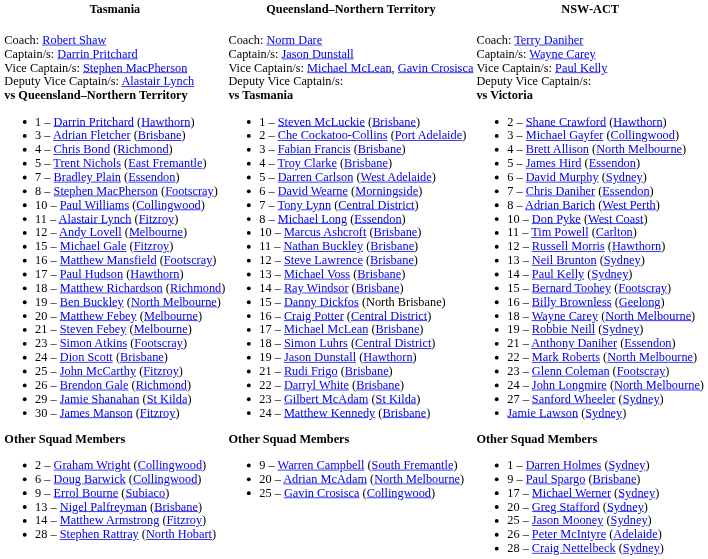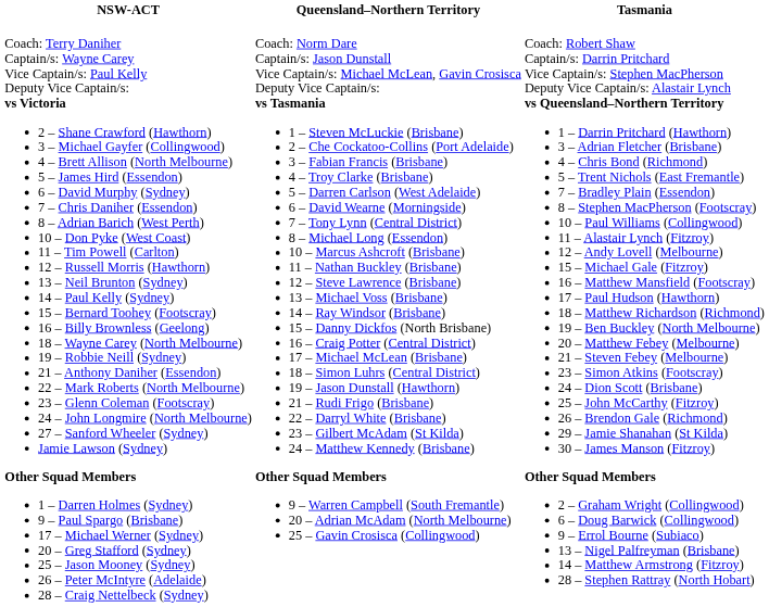 <table>
 <tr>
+<th>NSW-ACT   </th>
+<th>Queensland–Northern Territory   </th>
 <th>Tasmania   </th>
-<th>Queensland–Northern Territory   </th>
-<th>NSW-ACT   </th>
 </tr>
 <tr valign="top">
+<td><br>Coach: <a href='#'>Terry Daniher</a><br> Captain/s: <a href='#'>Wayne Carey</a><br> Vice Captain/s: <a href='#'>Paul Kelly</a><br> Deputy Vice Captain/s: <br> <strong>vs Victoria</strong><ul><li>2 – <a href='#'>Shane Crawford</a> (<a href='#'>Hawthorn</a>)</li><li>3 – <a href='#'>Michael Gayfer</a> (<a href='#'>Collingwood</a>)</li><li>4 – <a href='#'>Brett Allison</a> (<a href='#'>North Melbourne</a>)</li><li>5 – <a href='#'>James Hird</a> (<a href='#'>Essendon</a>)</li><li>6 – <a href='#'>David Murphy</a> (<a href='#'>Sydney</a>)</li><li>7 – <a href='#'>Chris Daniher</a> (<a href='#'>Essendon</a>)</li><li>8 – <a href='#'>Adrian Barich</a> (<a href='#'>West Perth</a>)</li><li>10 – <a href='#'>Don Pyke</a> (<a href='#'>West Coast</a>)</li><li>11 – <a href='#'>Tim Powell</a> (<a href='#'>Carlton</a>)</li><li>12 – <a href='#'>Russell Morris</a> (<a href='#'>Hawthorn</a>)</li><li>13 – <a href='#'>Neil Brunton</a> (<a href='#'>Sydney</a>)</li><li>14 – <a href='#'>Paul Kelly</a> (<a href='#'>Sydney</a>)</li><li>15 – <a href='#'>Bernard Toohey</a> (<a href='#'>Footscray</a>)</li><li>16 – <a href='#'>Billy Brownless</a> (<a href='#'>Geelong</a>)</li><li>18 – <a href='#'>Wayne Carey</a> (<a href='#'>North Melbourne</a>)</li><li>19 – <a href='#'>Robbie Neill</a> (<a href='#'>Sydney</a>)</li><li>21 – <a href='#'>Anthony Daniher</a> (<a href='#'>Essendon</a>)</li><li>22 – <a href='#'>Mark Roberts</a> (<a href='#'>North Melbourne</a>)</li><li>23 – <a href='#'>Glenn Coleman</a> (<a href='#'>Footscray</a>)</li><li>24 – <a href='#'>John Longmire</a> (<a href='#'>North Melbourne</a>)</li><li>27 – <a href='#'>Sanford Wheeler</a> (<a href='#'>Sydney</a>)</li><li><a href='#'>Jamie Lawson</a> (<a href='#'>Sydney</a>)</li></ul><strong>Other Squad Members</strong><ul><li>1 – <a href='#'>Darren Holmes</a> (<a href='#'>Sydney</a>)</li><li>9 – <a href='#'>Paul Spargo</a> (<a href='#'>Brisbane</a>)</li><li>17 – <a href='#'>Michael Werner</a> (<a href='#'>Sydney</a>)</li><li>20 – <a href='#'>Greg Stafford</a> (<a href='#'>Sydney</a>)</li><li>25 – <a href='#'>Jason Mooney</a> (<a href='#'>Sydney</a>)</li><li>26 – <a href='#'>Peter McIntyre</a> (<a href='#'>Adelaide</a>)</li><li>28 – <a href='#'>Craig Nettelbeck</a> (<a href='#'>Sydney</a>)</li></ul></td>
+<td><br>Coach: <a href='#'>Norm Dare</a><br> Captain/s: <a href='#'>Jason Dunstall</a><br> Vice Captain/s: <a href='#'>Michael McLean</a>, <a href='#'>Gavin Crosisca</a><br> Deputy Vice Captain/s: <br> <strong>vs Tasmania</strong><ul><li>1 – <a href='#'>Steven McLuckie</a> (<a href='#'>Brisbane</a>)</li><li>2 – <a href='#'>Che Cockatoo-Collins</a> (<a href='#'>Port Adelaide</a>)</li><li>3 – <a href='#'>Fabian Francis</a> (<a href='#'>Brisbane</a>)</li><li>4 – <a href='#'>Troy Clarke</a> (<a href='#'>Brisbane</a>)</li><li>5 – <a href='#'>Darren Carlson</a> (<a href='#'>West Adelaide</a>)</li><li>6 – <a href='#'>David Wearne</a> (<a href='#'>Morningside</a>)</li><li>7 – <a href='#'>Tony Lynn</a> (<a href='#'>Central District</a>)</li><li>8 – <a href='#'>Michael Long</a> (<a href='#'>Essendon</a>)</li><li>10 – <a href='#'>Marcus Ashcroft</a> (<a href='#'>Brisbane</a>)</li><li>11 – <a href='#'>Nathan Buckley</a> (<a href='#'>Brisbane</a>)</li><li>12 – <a href='#'>Steve Lawrence</a> (<a href='#'>Brisbane</a>)</li><li>13 – <a href='#'>Michael Voss</a> (<a href='#'>Brisbane</a>)</li><li>14 – <a href='#'>Ray Windsor</a> (<a href='#'>Brisbane</a>)</li><li>15 – <a href='#'>Danny Dickfos</a> (North Brisbane)</li><li>16 – <a href='#'>Craig Potter</a> (<a href='#'>Central District</a>)</li><li>17 – <a href='#'>Michael McLean</a> (<a href='#'>Brisbane</a>)</li><li>18 – <a href='#'>Simon Luhrs</a> (<a href='#'>Central District</a>)</li><li>19 – <a href='#'>Jason Dunstall</a> (<a href='#'>Hawthorn</a>)</li><li>21 – <a href='#'>Rudi Frigo</a> (<a href='#'>Brisbane</a>)</li><li>22 – <a href='#'>Darryl White</a> (<a href='#'>Brisbane</a>)</li><li>23 – <a href='#'>Gilbert McAdam</a> (<a href='#'>St Kilda</a>)</li><li>24 – <a href='#'>Matthew Kennedy</a> (<a href='#'>Brisbane</a>)</li></ul><strong>Other Squad Members</strong><ul><li>9 – <a href='#'>Warren Campbell</a> (<a href='#'>South Fremantle</a>)</li><li>20 – <a href='#'>Adrian McAdam</a> (<a href='#'>North Melbourne</a>)</li><li>25 – <a href='#'>Gavin Crosisca</a> (<a href='#'>Collingwood</a>)</li></ul></td>
 <td><br>Coach: <a href='#'>Robert Shaw</a><br> Captain/s: <a href='#'>Darrin Pritchard</a><br> Vice Captain/s: <a href='#'>Stephen MacPherson</a><br> Deputy Vice Captain/s: <a href='#'>Alastair Lynch</a><br> <strong>vs Queensland–Northern Territory</strong><ul><li>1 – <a href='#'>Darrin Pritchard</a> (<a href='#'>Hawthorn</a>)</li><li>3 – <a href='#'>Adrian Fletcher</a> (<a href='#'>Brisbane</a>)</li><li>4 – <a href='#'>Chris Bond</a> (<a href='#'>Richmond</a>)</li><li>5 – <a href='#'>Trent Nichols</a> (<a href='#'>East Fremantle</a>)</li><li>7 – <a href='#'>Bradley Plain</a> (<a href='#'>Essendon</a>)</li><li>8 – <a href='#'>Stephen MacPherson</a> (<a href='#'>Footscray</a>)</li><li>10 – <a href='#'>Paul Williams</a> (<a href='#'>Collingwood</a>)</li><li>11 – <a href='#'>Alastair Lynch</a> (<a href='#'>Fitzroy</a>)</li><li>12 – <a href='#'>Andy Lovell</a> (<a href='#'>Melbourne</a>)</li><li>15 – <a href='#'>Michael Gale</a> (<a href='#'>Fitzroy</a>)</li><li>16 – <a href='#'>Matthew Mansfield</a> (<a href='#'>Footscray</a>)</li><li>17 – <a href='#'>Paul Hudson</a> (<a href='#'>Hawthorn</a>)</li><li>18 – <a href='#'>Matthew Richardson</a> (<a href='#'>Richmond</a>)</li><li>19 – <a href='#'>Ben Buckley</a> (<a href='#'>North Melbourne</a>)</li><li>20 – <a href='#'>Matthew Febey</a> (<a href='#'>Melbourne</a>)</li><li>21 – <a href='#'>Steven Febey</a> (<a href='#'>Melbourne</a>)</li><li>23 – <a href='#'>Simon Atkins</a> (<a href='#'>Footscray</a>)</li><li>24 – <a href='#'>Dion Scott</a> (<a href='#'>Brisbane</a>)</li><li>25 – <a href='#'>John McCarthy</a> (<a href='#'>Fitzroy</a>)</li><li>26 – <a href='#'>Brendon Gale</a> (<a href='#'>Richmond</a>)</li><li>29 – <a href='#'>Jamie Shanahan</a> (<a href='#'>St Kilda</a>)</li><li>30 – <a href='#'>James Manson</a> (<a href='#'>Fitzroy</a>)</li></ul><strong>Other Squad Members</strong><ul><li>2 – <a href='#'>Graham Wright</a> (<a href='#'>Collingwood</a>)</li><li>6 – <a href='#'>Doug Barwick</a> (<a href='#'>Collingwood</a>)</li><li>9 – <a href='#'>Errol Bourne</a> (<a href='#'>Subiaco</a>)</li><li>13 – <a href='#'>Nigel Palfreyman</a> (<a href='#'>Brisbane</a>)</li><li>14 – <a href='#'>Matthew Armstrong</a> (<a href='#'>Fitzroy</a>)</li><li>28 – <a href='#'>Stephen Rattray</a> (<a href='#'>North Hobart</a>)</li></ul></td>
-<td><br>Coach: <a href='#'>Norm Dare</a><br> Captain/s: <a href='#'>Jason Dunstall</a><br> Vice Captain/s: <a href='#'>Michael McLean</a>, <a href='#'>Gavin Crosisca</a><br> Deputy Vice Captain/s: <br> <strong>vs Tasmania</strong><ul><li>1 – <a href='#'>Steven McLuckie</a> (<a href='#'>Brisbane</a>)</li><li>2 – <a href='#'>Che Cockatoo-Collins</a> (<a href='#'>Port Adelaide</a>)</li><li>3 – <a href='#'>Fabian Francis</a> (<a href='#'>Brisbane</a>)</li><li>4 – <a href='#'>Troy Clarke</a> (<a href='#'>Brisbane</a>)</li><li>5 – <a href='#'>Darren Carlson</a> (<a href='#'>West Adelaide</a>)</li><li>6 – <a href='#'>David Wearne</a> (<a href='#'>Morningside</a>)</li><li>7 – <a href='#'>Tony Lynn</a> (<a href='#'>Central District</a>)</li><li>8 – <a href='#'>Michael Long</a> (<a href='#'>Essendon</a>)</li><li>10 – <a href='#'>Marcus Ashcroft</a> (<a href='#'>Brisbane</a>)</li><li>11 – <a href='#'>Nathan Buckley</a> (<a href='#'>Brisbane</a>)</li><li>12 – <a href='#'>Steve Lawrence</a> (<a href='#'>Brisbane</a>)</li><li>13 – <a href='#'>Michael Voss</a> (<a href='#'>Brisbane</a>)</li><li>14 – <a href='#'>Ray Windsor</a> (<a href='#'>Brisbane</a>)</li><li>15 – <a href='#'>Danny Dickfos</a> (North Brisbane)</li><li>16 – <a href='#'>Craig Potter</a> (<a href='#'>Central District</a>)</li><li>17 – <a href='#'>Michael McLean</a> (<a href='#'>Brisbane</a>)</li><li>18 – <a href='#'>Simon Luhrs</a> (<a href='#'>Central District</a>)</li><li>19 – <a href='#'>Jason Dunstall</a> (<a href='#'>Hawthorn</a>)</li><li>21 – <a href='#'>Rudi Frigo</a> (<a href='#'>Brisbane</a>)</li><li>22 – <a href='#'>Darryl White</a> (<a href='#'>Brisbane</a>)</li><li>23 – <a href='#'>Gilbert McAdam</a> (<a href='#'>St Kilda</a>)</li><li>24 – <a href='#'>Matthew Kennedy</a> (<a href='#'>Brisbane</a>)</li></ul><strong>Other Squad Members</strong><ul><li>9 – <a href='#'>Warren Campbell</a> (<a href='#'>South Fremantle</a>)</li><li>20 – <a href='#'>Adrian McAdam</a> (<a href='#'>North Melbourne</a>)</li><li>25 – <a href='#'>Gavin Crosisca</a> (<a href='#'>Collingwood</a>)</li></ul></td>
-<td><br>Coach: <a href='#'>Terry Daniher</a><br> Captain/s: <a href='#'>Wayne Carey</a><br> Vice Captain/s: <a href='#'>Paul Kelly</a><br> Deputy Vice Captain/s: <br> <strong>vs Victoria</strong><ul><li>2 – <a href='#'>Shane Crawford</a> (<a href='#'>Hawthorn</a>)</li><li>3 – <a href='#'>Michael Gayfer</a> (<a href='#'>Collingwood</a>)</li><li>4 – <a href='#'>Brett Allison</a> (<a href='#'>North Melbourne</a>)</li><li>5 – <a href='#'>James Hird</a> (<a href='#'>Essendon</a>)</li><li>6 – <a href='#'>David Murphy</a> (<a href='#'>Sydney</a>)</li><li>7 – <a href='#'>Chris Daniher</a> (<a href='#'>Essendon</a>)</li><li>8 – <a href='#'>Adrian Barich</a> (<a href='#'>West Perth</a>)</li><li>10 – <a href='#'>Don Pyke</a> (<a href='#'>West Coast</a>)</li><li>11 – <a href='#'>Tim Powell</a> (<a href='#'>Carlton</a>)</li><li>12 – <a href='#'>Russell Morris</a> (<a href='#'>Hawthorn</a>)</li><li>13 – <a href='#'>Neil Brunton</a> (<a href='#'>Sydney</a>)</li><li>14 – <a href='#'>Paul Kelly</a> (<a href='#'>Sydney</a>)</li><li>15 – <a href='#'>Bernard Toohey</a> (<a href='#'>Footscray</a>)</li><li>16 – <a href='#'>Billy Brownless</a> (<a href='#'>Geelong</a>)</li><li>18 – <a href='#'>Wayne Carey</a> (<a href='#'>North Melbourne</a>)</li><li>19 – <a href='#'>Robbie Neill</a> (<a href='#'>Sydney</a>)</li><li>21 – <a href='#'>Anthony Daniher</a> (<a href='#'>Essendon</a>)</li><li>22 – <a href='#'>Mark Roberts</a> (<a href='#'>North Melbourne</a>)</li><li>23 – <a href='#'>Glenn Coleman</a> (<a href='#'>Footscray</a>)</li><li>24 – <a href='#'>John Longmire</a> (<a href='#'>North Melbourne</a>)</li><li>27 – <a href='#'>Sanford Wheeler</a> (<a href='#'>Sydney</a>)</li><li><a href='#'>Jamie Lawson</a> (<a href='#'>Sydney</a>)</li></ul><strong>Other Squad Members</strong><ul><li>1 – <a href='#'>Darren Holmes</a> (<a href='#'>Sydney</a>)</li><li>9 – <a href='#'>Paul Spargo</a> (<a href='#'>Brisbane</a>)</li><li>17 – <a href='#'>Michael Werner</a> (<a href='#'>Sydney</a>)</li><li>20 – <a href='#'>Greg Stafford</a> (<a href='#'>Sydney</a>)</li><li>25 – <a href='#'>Jason Mooney</a> (<a href='#'>Sydney</a>)</li><li>26 – <a href='#'>Peter McIntyre</a> (<a href='#'>Adelaide</a>)</li><li>28 – <a href='#'>Craig Nettelbeck</a> (<a href='#'>Sydney</a>)</li></ul></td>
 </tr>
 </table>
